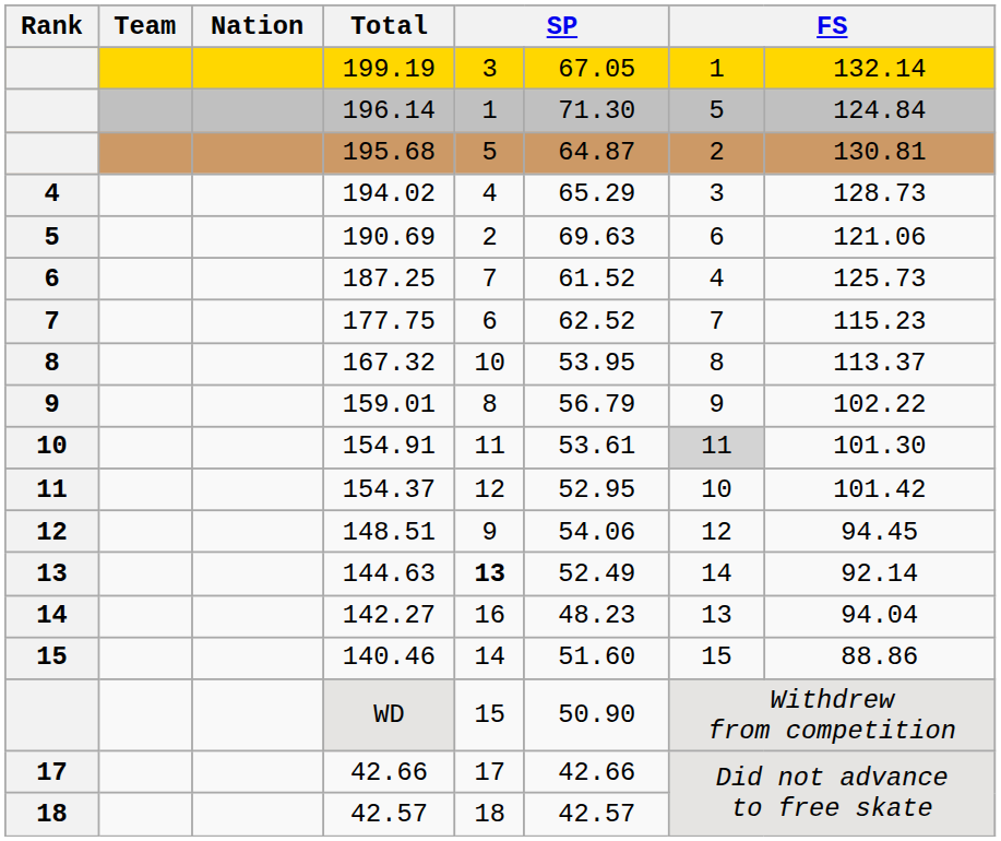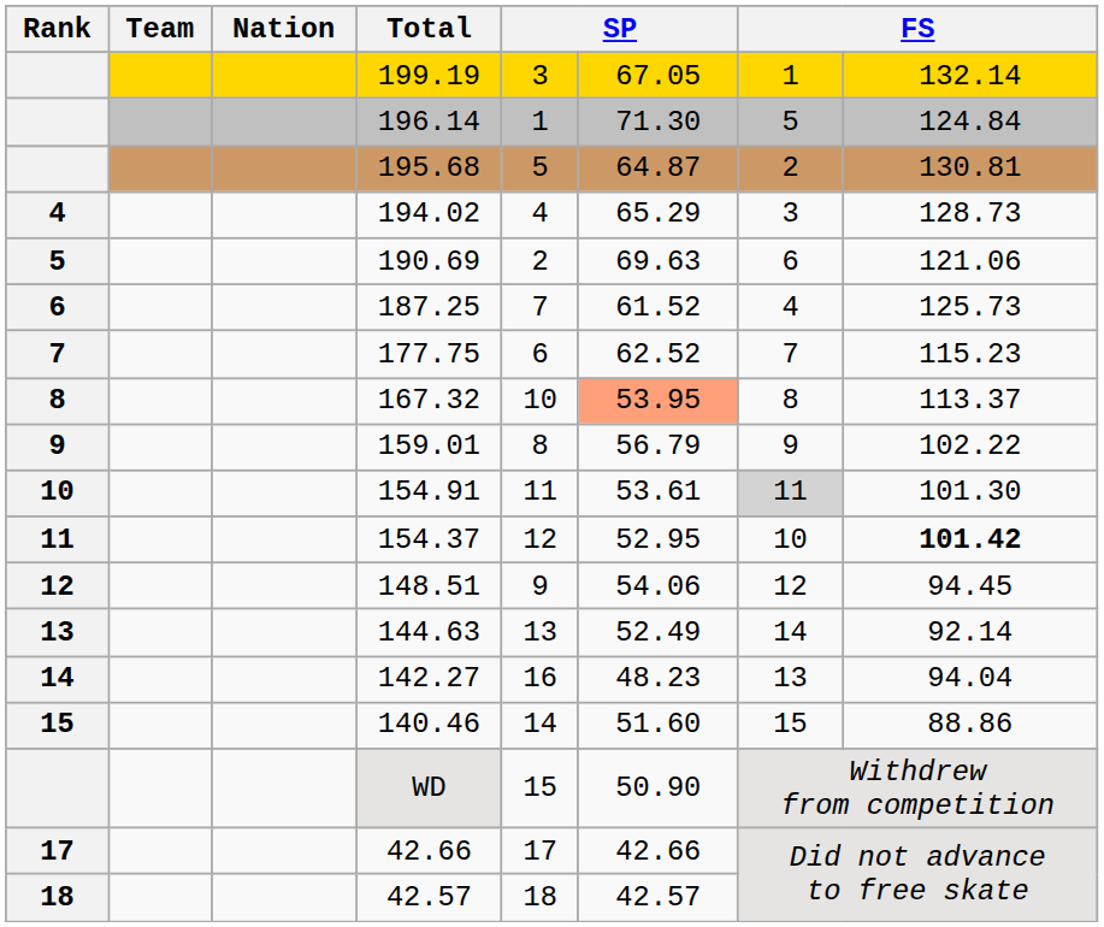 <table class="wikitable sortable" style="text-align:center; width:80%">
 <tr>
 <th scope="col">Rank</th>
 <th scope="col">Team</th>
 <th scope="col">Nation</th>
 <th scope="col">Total</th>
 <th colspan="2" scope="col" width="80px"><a href='#'>SP</a></th>
 <th colspan="2" scope="col" width="80px"><a href='#'>FS</a></th>
 </tr>
 <tr bgcolor="gold">
 <th scope="row"></th>
 <td align="left"></td>
 <td align="left"></td>
 <td>199.19</td>
 <td>3</td>
 <td>67.05</td>
 <td>1</td>
 <td>132.14</td>
 </tr>
 <tr bgcolor="silver">
 <th scope="row"></th>
 <td align="left"></td>
 <td align="left"></td>
 <td>196.14</td>
 <td>1</td>
 <td>71.30</td>
 <td>5</td>
 <td>124.84</td>
 </tr>
 <tr bgcolor="cc9966">
 <th scope="row"></th>
 <td align="left"></td>
 <td align="left"></td>
 <td>195.68</td>
 <td>5</td>
 <td>64.87</td>
 <td>2</td>
 <td>130.81</td>
 </tr>
 <tr>
 <th scope="row">4</th>
 <td align="left"></td>
 <td align="left"></td>
 <td>194.02</td>
 <td>4</td>
 <td>65.29</td>
 <td>3</td>
 <td>128.73</td>
 </tr>
 <tr>
 <th scope="row">5</th>
 <td align="left"></td>
 <td align="left"></td>
 <td>190.69</td>
 <td>2</td>
 <td>69.63</td>
 <td>6</td>
 <td>121.06</td>
 </tr>
 <tr>
 <th scope="row">6</th>
 <td align="left"></td>
 <td align="left"></td>
 <td>187.25</td>
 <td>7</td>
 <td>61.52</td>
 <td>4</td>
 <td>125.73</td>
 </tr>
 <tr>
 <th scope="row">7</th>
 <td align="left"></td>
 <td align="left"></td>
 <td>177.75</td>
 <td>6</td>
 <td>62.52</td>
 <td>7</td>
 <td>115.23</td>
 </tr>
 <tr>
 <th scope="row">8</th>
 <td align="left"></td>
 <td align="left"></td>
 <td>167.32</td>
 <td>10</td>
-<td>53.95</td>
+<td style="background: lightsalmon;">53.95</td>
 <td>8</td>
 <td>113.37</td>
 </tr>
 <tr>
 <th scope="row">9</th>
 <td align="left"></td>
 <td align="left"></td>
 <td>159.01</td>
 <td>8</td>
 <td>56.79</td>
 <td>9</td>
 <td>102.22</td>
 </tr>
 <tr>
 <th scope="row">10</th>
 <td align="left"></td>
 <td align="left"></td>
 <td>154.91</td>
 <td>11</td>
 <td>53.61</td>
 <td style="background: lightgrey;">11</td>
 <td>101.30</td>
 </tr>
 <tr>
 <th scope="row">11</th>
 <td align="left"></td>
 <td align="left"></td>
 <td>154.37</td>
 <td>12</td>
 <td>52.95</td>
 <td>10</td>
-<td>101.42</td>
+<td><strong>101.42</strong></td>
 </tr>
 <tr>
 <th scope="row">12</th>
 <td align="left"></td>
 <td align="left"></td>
 <td>148.51</td>
 <td>9</td>
 <td>54.06</td>
 <td>12</td>
 <td>94.45</td>
 </tr>
 <tr>
 <th scope="row">13</th>
 <td align="left"></td>
 <td align="left"></td>
 <td>144.63</td>
-<td><strong>13</strong></td>
+<td>13</td>
 <td>52.49</td>
 <td>14</td>
 <td>92.14</td>
 </tr>
 <tr>
 <th scope="row">14</th>
 <td align="left"></td>
 <td align="left"></td>
 <td>142.27</td>
 <td>16</td>
 <td>48.23</td>
 <td>13</td>
 <td>94.04</td>
 </tr>
 <tr>
 <th scope="row">15</th>
 <td align="left"></td>
 <td align="left"></td>
 <td>140.46</td>
 <td>14</td>
 <td>51.60</td>
 <td>15</td>
 <td>88.86</td>
 </tr>
 <tr>
 <th scope="row"></th>
 <td align="left"></td>
 <td align="left"></td>
 <td bgcolor="e5e4e2">WD</td>
 <td>15</td>
 <td>50.90</td>
 <td colspan=2 bgcolor="e5e4e2"><em>Withdrew<br>from competition</em></td>
 </tr>
 <tr>
 <th scope="row">17</th>
 <td align="left"></td>
 <td align="left"></td>
 <td>42.66</td>
 <td>17</td>
 <td>42.66</td>
 <td colspan="2" rowspan="2" bgcolor="e5e4e2"><em>Did not advance<br>to free skate</em></td>
 </tr>
 <tr>
 <th scope="row">18</th>
 <td align="left"></td>
 <td align="left"></td>
 <td>42.57</td>
 <td>18</td>
 <td>42.57</td>
 </tr>
 </table>
